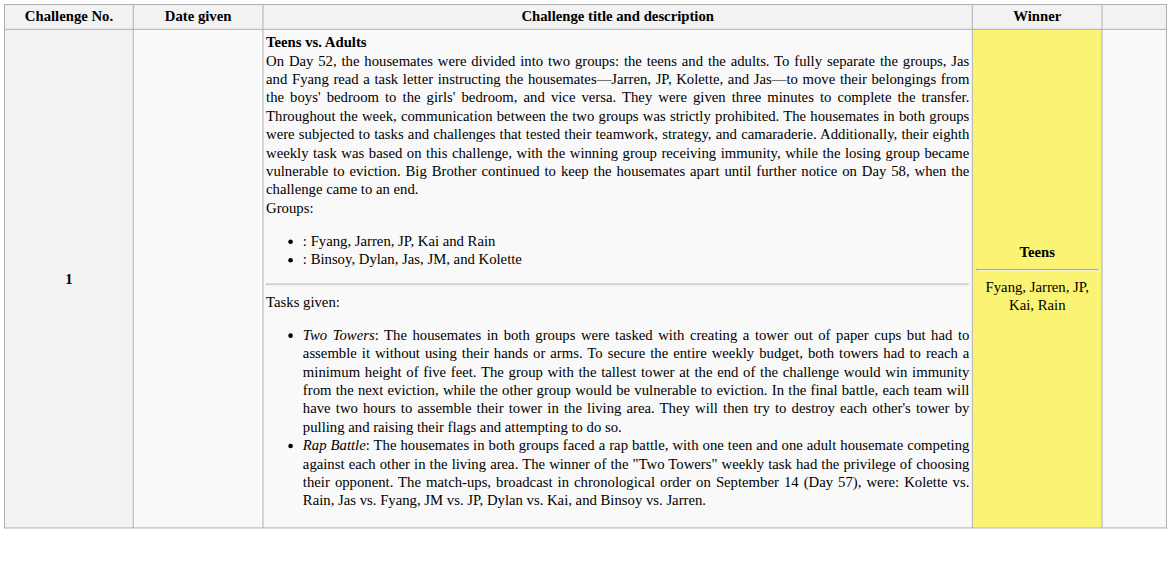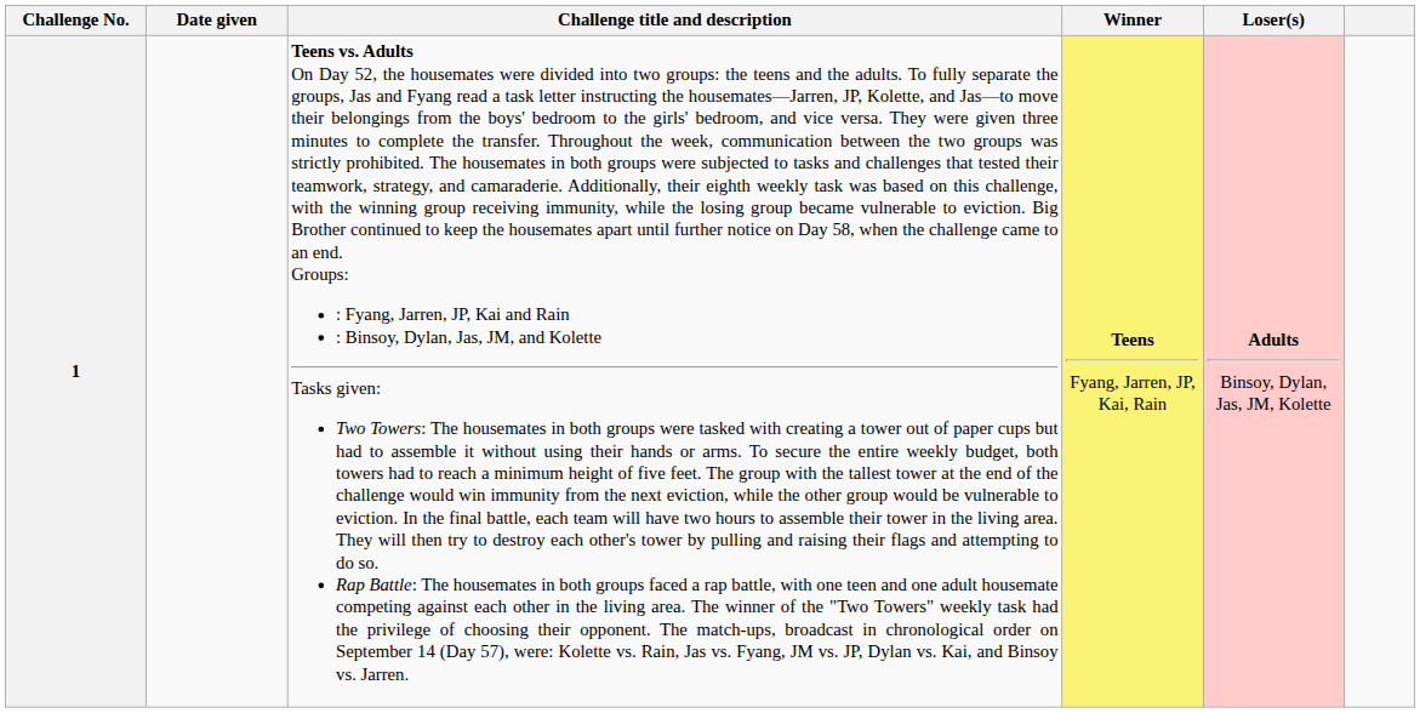 <table class="wikitable" style="text-align:center; font-size:100%; line-height:20px;" width="100%">
 <tr>
 <th width="10%">Challenge No.</th>
 <th width="10%">Date given</th>
 <th width="55%">Challenge title and description</th>
 <th width="10%">Winner</th>
+<th width="10%">Loser(s)</th>
 <th width="5%"></th>
 </tr>
 <tr>
 <th>1</th>
 <td></td>
 <td align="justify"><strong>Teens vs. Adults</strong><br>On Day 52, the housemates were divided into two groups: the teens and the adults. To fully separate the groups, Jas and Fyang read a task letter instructing the housemates—Jarren, JP, Kolette, and Jas—to move their belongings from the boys' bedroom to the girls' bedroom, and vice versa. They were given three minutes to complete the transfer. Throughout the week, communication between the two groups was strictly prohibited. The housemates in both groups were subjected to tasks and challenges that tested their teamwork, strategy, and camaraderie. Additionally, their eighth weekly task was based on this challenge, with the winning group receiving immunity, while the losing group became vulnerable to eviction. Big Brother continued to keep the housemates apart until further notice on Day 58, when the challenge came to an end.<br>Groups:<ul><li>: Fyang, Jarren, JP, Kai and Rain</li><li>: Binsoy, Dylan, Jas, JM, and Kolette</li></ul><hr> Tasks given:<ul><li><em>Two Towers</em>: The housemates in both groups were tasked with creating a tower out of paper cups but had to assemble it without using their hands or arms. To secure the entire weekly budget, both towers had to reach a minimum height of five feet. The group with the tallest tower at the end of the challenge would win immunity from the next eviction, while the other group would be vulnerable to eviction. In the final battle, each team will have two hours to assemble their tower in the living area. They will then try to destroy each other's tower by pulling and raising their flags and attempting to do so.</li><li><em>Rap Battle</em>: The housemates in both groups faced a rap battle, with one teen and one adult housemate competing against each other in the living area. The winner of the "Two Towers" weekly task had the privilege of choosing their opponent. The match-ups, broadcast in chronological order on September 14 (Day 57), were: Kolette vs. Rain, Jas vs. Fyang, JM vs. JP, Dylan vs. Kai, and Binsoy vs. Jarren.</li></ul></td>
 <td style="background:#FBF373;"><strong>Teens</strong><hr>Fyang, Jarren, JP, Kai, Rain</td>
+<td style="background:#FFCCCB;"><strong>Adults</strong><hr>Binsoy, Dylan, Jas, JM, Kolette</td>
 <td></td>
 </tr>
 </table>
